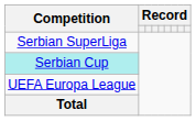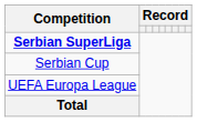 <table class="wikitable" style="text-align: center">
 <tr>
 <th rowspan=2>Competition</th>
 <th colspan=8>Record</th>
 </tr>
 <tr>
 <th></th>
 <th></th>
 <th></th>
 <th></th>
 <th></th>
 <th></th>
 <th></th>
 <th></th>
 </tr>
 <tr>
-<td><a href='#'>Serbian SuperLiga</a><br></td>
+<td><strong><a href='#'>Serbian SuperLiga</a><br></strong></td>
 </tr>
 <tr>
-<td style="background: paleturquoise;"><a href='#'>Serbian Cup</a><br></td>
+<td><a href='#'>Serbian Cup</a><br></td>
 </tr>
 <tr>
 <td><a href='#'>UEFA Europa League</a><br></td>
 </tr>
 <tr>
 <th>Total<br></th>
 </tr>
 </table>
